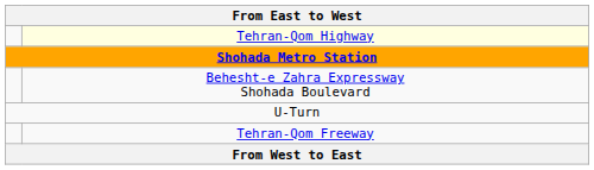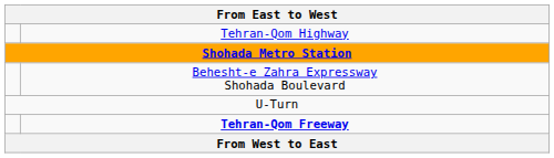 <table class="wikitable" style="text-align:center" width="600px">
 <tr>
 <th text-align="center" colspan="3"> From East to West </th>
 </tr>
 <tr>
 <td><br></td>
-<td style="background: lightyellow;"> <a href='#'>Tehran-Qom Highway</a></td>
+<td> <a href='#'>Tehran-Qom Highway</a></td>
 </tr>
 <tr>
 <td text-align="center" colspan="3" style="background: orange; color: white;"> <strong><a href='#'>Shohada Metro Station</a></strong></td>
 </tr>
 <tr>
 <td></td>
 <td> <a href='#'>Behesht-e Zahra Expressway</a><br> Shohada Boulevard</td>
 </tr>
 <tr>
 <td text-align="center" colspan="3"> U-Turn</td>
 </tr>
 <tr>
 <td><br></td>
-<td> <a href='#'>Tehran-Qom Freeway</a></td>
+<td><strong> <a href='#'>Tehran-Qom Freeway</a></strong></td>
 </tr>
 <tr>
 <th text-align="center" colspan="3"> From West to East </th>
 </tr>
 </table>
